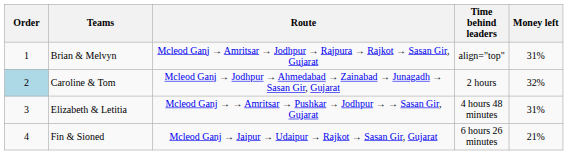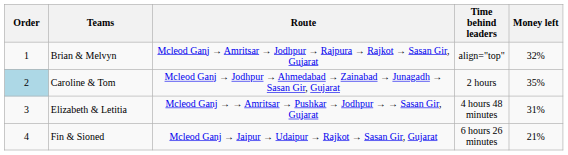 <table class="wikitable sortable" style="text-align:center">
 <tr>
 <th style="width:4em">Order</th>
 <th style="width:10em">Teams</th>
 <th style="width:30em">Route</th>
 <th style="width:5em">Time behind leaders</th>
 <th style="width:5em">Money left</th>
 </tr>
 <tr>
 <td>1</td>
 <td style="text-align:left">Brian & Melvyn</td>
 <td><a href='#'>Mcleod Ganj</a>  → <a href='#'>Amritsar</a>   → <a href='#'>Jodhpur</a>  → <a href='#'>Rajpura</a>   → <a href='#'>Rajkot</a>  → <a href='#'>Sasan Gir</a>, <a href='#'>Gujarat</a></td>
 <td>align="top" </td>
-<td>31%</td>
+<td>32%</td>
 </tr>
 <tr>
 <td style="background: lightblue;">2</td>
 <td style="text-align:left">Caroline & Tom</td>
 <td><a href='#'>Mcleod Ganj</a>  → <a href='#'>Jodhpur</a>  → <a href='#'>Ahmedabad</a> → <a href='#'>Zainabad</a>   → <a href='#'>Junagadh</a>  → <a href='#'>Sasan Gir</a>, <a href='#'>Gujarat</a></td>
 <td>2 hours</td>
-<td>32%</td>
+<td>35%</td>
 </tr>
 <tr>
 <td>3</td>
 <td style="text-align:left">Elizabeth & Letitia</td>
 <td><a href='#'>Mcleod Ganj</a>  →  → <a href='#'>Amritsar</a>   → <a href='#'>Pushkar</a>  → <a href='#'>Jodhpur</a>  →  → <a href='#'>Sasan Gir</a>, <a href='#'>Gujarat</a></td>
 <td>4 hours 48 minutes</td>
 <td>31%</td>
 </tr>
 <tr>
 <td>4</td>
 <td style="text-align:left">Fin & Sioned</td>
 <td><a href='#'>Mcleod Ganj</a>  → <a href='#'>Jaipur</a>  → <a href='#'>Udaipur</a>   → <a href='#'>Rajkot</a>  → <a href='#'>Sasan Gir</a>, <a href='#'>Gujarat</a></td>
 <td>6 hours 26 minutes</td>
 <td>21%</td>
 </tr>
 </table>
